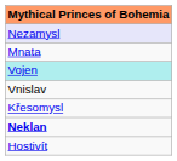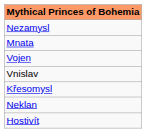 <table class="wikitable">
 <tr>
 <th colspan="2" style="background-color:#ff9966;">Mythical Princes of Bohemia</th>
 </tr>
 <tr>
-<td style="background: lavender;"><a href='#'>Nezamysl</a></td>
+<td><a href='#'>Nezamysl</a></td>
 </tr>
 <tr>
 <td><a href='#'>Mnata</a></td>
 </tr>
 <tr>
-<td style="background: paleturquoise;"><a href='#'>Vojen</a></td>
+<td><a href='#'>Vojen</a></td>
 </tr>
 <tr>
 <td>Vnislav</td>
 </tr>
 <tr>
 <td><a href='#'>Křesomysl</a></td>
 </tr>
 <tr>
-<td><strong><a href='#'>Neklan</a></strong></td>
+<td><a href='#'>Neklan</a></td>
 </tr>
 <tr>
 <td><a href='#'>Hostivít</a></td>
 </tr>
 </table>
